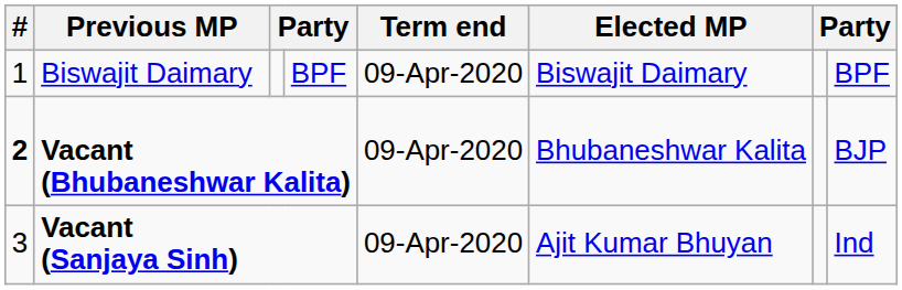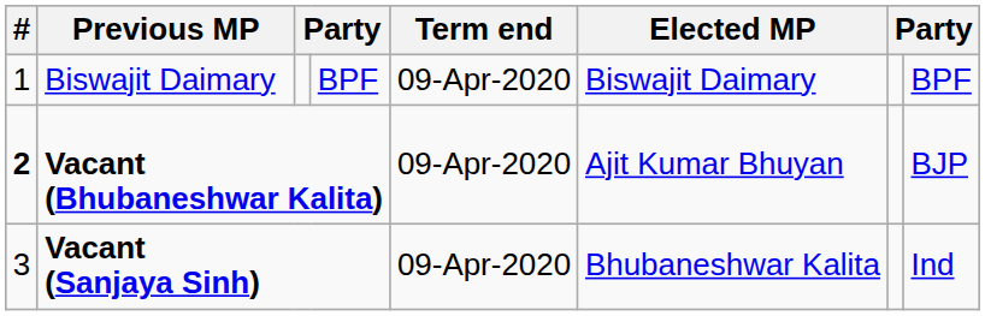 <table class="wikitable sortable">
 <tr>
 <th>#</th>
 <th>Previous MP</th>
 <th colspan="2">Party</th>
 <th>Term end</th>
 <th>Elected MP</th>
 <th colspan="2">Party</th>
 </tr>
 <tr>
 <td>1</td>
 <td><a href='#'>Biswajit Daimary</a></td>
 <td width="1px"></td>
 <td><a href='#'>BPF</a></td>
 <td>09-Apr-2020</td>
 <td><a href='#'>Biswajit Daimary</a></td>
 <td width="1px"></td>
 <td><a href='#'>BPF</a></td>
 </tr>
 <tr>
 <td><strong>2</strong></td>
 <td colspan="3"><br><strong>Vacant<br> (<a href='#'>Bhubaneshwar Kalita</a>)</strong></td>
 <td>09-Apr-2020</td>
-<td><a href='#'>Bhubaneshwar Kalita</a></td>
+<td><a href='#'>Ajit Kumar Bhuyan</a></td>
 <td width="1px"></td>
 <td><a href='#'>BJP</a></td>
 </tr>
 <tr>
 <td>3</td>
 <td colspan="3"><strong>Vacant <br>(<a href='#'>Sanjaya Sinh</a>)</strong></td>
 <td>09-Apr-2020</td>
-<td><a href='#'>Ajit Kumar Bhuyan</a></td>
+<td><a href='#'>Bhubaneshwar Kalita</a></td>
 <td width="1px"></td>
 <td><a href='#'>Ind</a></td>
 </tr>
 </table>
